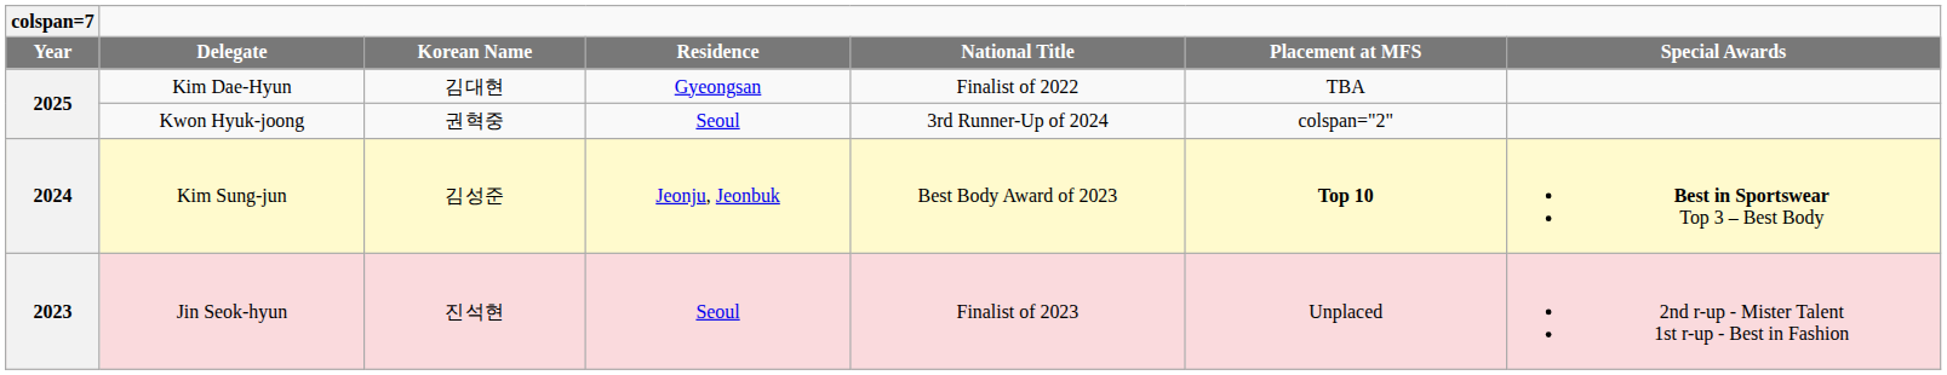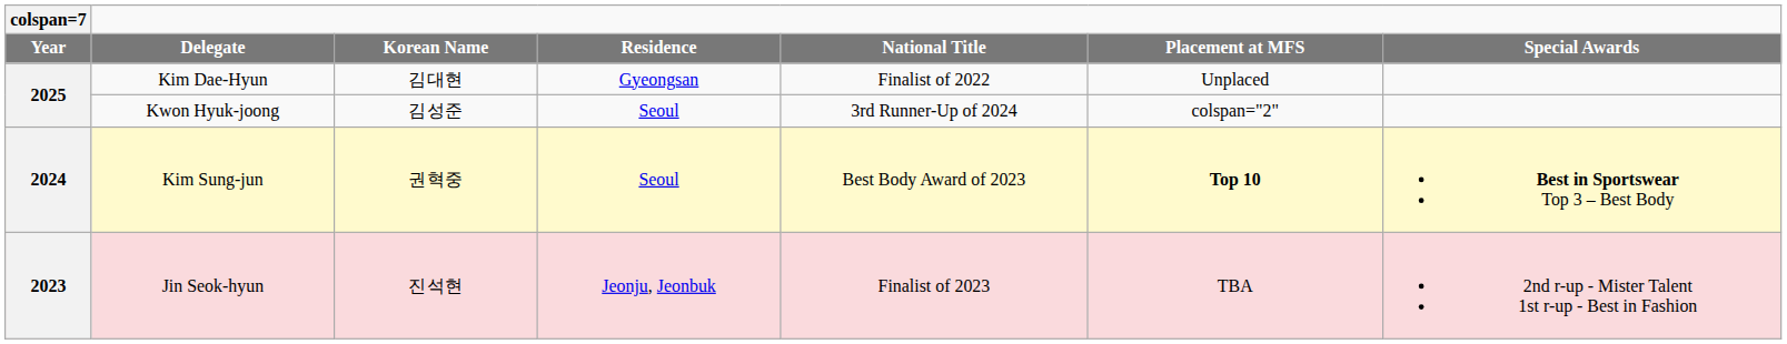 <table class="wikitable sortable" style="font-size: 85%; text-align:center">
 <tr>
 <th>colspan=7 </th>
 </tr>
 <tr>
 <th width="60" style="background-color:#787878;color:#FFFFFF;">Year</th>
 <th width="180" style="background-color:#787878;color:#FFFFFF;">Delegate</th>
 <th width="150" style="background-color:#787878;color:#FFFFFF;">Korean Name</th>
 <th width="180" style="background-color:#787878;color:#FFFFFF;">Residence</th>
 <th width="230" style="background-color:#787878;color:#FFFFFF;">National Title</th>
 <th width="220" style="background-color:#787878;color:#FFFFFF;">Placement at MFS</th>
 <th width="300" style="background-color:#787878;color:#FFFFFF;">Special Awards</th>
 </tr>
 <tr>
 <th rowspan="2">2025</th>
 <td>Kim Dae-Hyun</td>
 <td>김대현</td>
 <td><a href='#'>Gyeongsan</a></td>
 <td>Finalist of 2022</td>
-<td>TBA</td>
+<td>Unplaced</td>
 <td></td>
 </tr>
 <tr>
 <td>Kwon Hyuk-joong</td>
-<td>권혁중</td>
+<td>김성준</td>
 <td><a href='#'>Seoul</a></td>
 <td>3rd Runner-Up of 2024</td>
 <td>colspan="2" </td>
 </tr>
 <tr style="background-color:#FFFACD;">
 <th>2024</th>
 <td>Kim Sung-jun</td>
-<td>김성준</td>
-<td><a href='#'>Jeonju</a>, <a href='#'>Jeonbuk</a></td>
+<td>권혁중</td>
+<td><a href='#'>Seoul</a></td>
 <td>Best Body Award of 2023</td>
 <td><strong>Top 10</strong></td>
 <td><br><ul><li><strong>Best in Sportswear</strong></li><li>Top 3 – Best Body</li></ul></td>
 </tr>
 <tr style="background-color:#FADADD;: bold">
 <th>2023</th>
 <td>Jin Seok-hyun</td>
 <td>진석현</td>
-<td><a href='#'>Seoul</a></td>
+<td><a href='#'>Jeonju</a>, <a href='#'>Jeonbuk</a></td>
 <td>Finalist of 2023</td>
-<td>Unplaced</td>
+<td>TBA</td>
 <td><br><ul><li>2nd r-up - Mister Talent</li><li>1st r-up - Best in Fashion</li></ul></td>
 </tr>
 </table>
